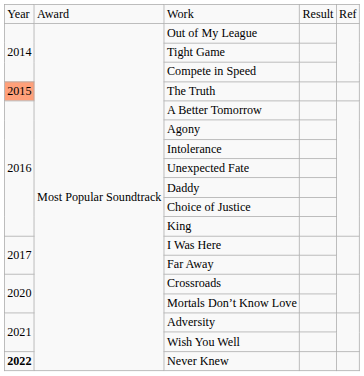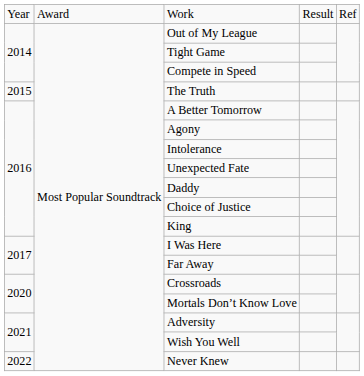 <table class="wikitable">
 <tr>
 <td>Year</td>
 <td>Award</td>
 <td>Work</td>
 <td>Result</td>
 <td>Ref</td>
 </tr>
 <tr>
 <td rowspan="3">2014</td>
 <td rowspan="18">Most Popular Soundtrack</td>
 <td>Out of My League</td>
 <td></td>
 <td rowspan="3"></td>
 </tr>
 <tr>
 <td>Tight Game</td>
 <td></td>
 </tr>
 <tr>
 <td>Compete in Speed</td>
 <td></td>
 </tr>
 <tr>
-<td style="background: lightsalmon;">2015</td>
+<td>2015</td>
 <td>The Truth</td>
 <td></td>
 <td></td>
 </tr>
 <tr>
 <td rowspan="7">2016</td>
 <td>A Better Tomorrow</td>
 <td></td>
 <td rowspan="7"></td>
 </tr>
 <tr>
 <td>Agony</td>
 <td></td>
 </tr>
 <tr>
 <td>Intolerance</td>
 <td></td>
 </tr>
 <tr>
 <td>Unexpected Fate</td>
 <td></td>
 </tr>
 <tr>
 <td>Daddy</td>
 <td></td>
 </tr>
 <tr>
 <td>Choice of Justice</td>
 <td></td>
 </tr>
 <tr>
 <td>King</td>
 <td></td>
 </tr>
 <tr>
 <td rowspan="2">2017</td>
 <td>I Was Here</td>
 <td></td>
 <td rowspan="2"></td>
 </tr>
 <tr>
 <td>Far Away</td>
 <td></td>
 </tr>
 <tr>
 <td rowspan="2">2020</td>
 <td>Crossroads</td>
 <td></td>
 <td rowspan="2"></td>
 </tr>
 <tr>
 <td>Mortals Don’t Know Love</td>
 <td></td>
 </tr>
 <tr>
 <td rowspan="2">2021</td>
 <td>Adversity</td>
 <td></td>
 <td rowspan="2"></td>
 </tr>
 <tr>
 <td>Wish You Well</td>
 <td></td>
 </tr>
 <tr>
-<td><strong>2022</strong></td>
+<td>2022</td>
 <td>Never Knew</td>
 <td></td>
 <td></td>
 </tr>
 </table>
